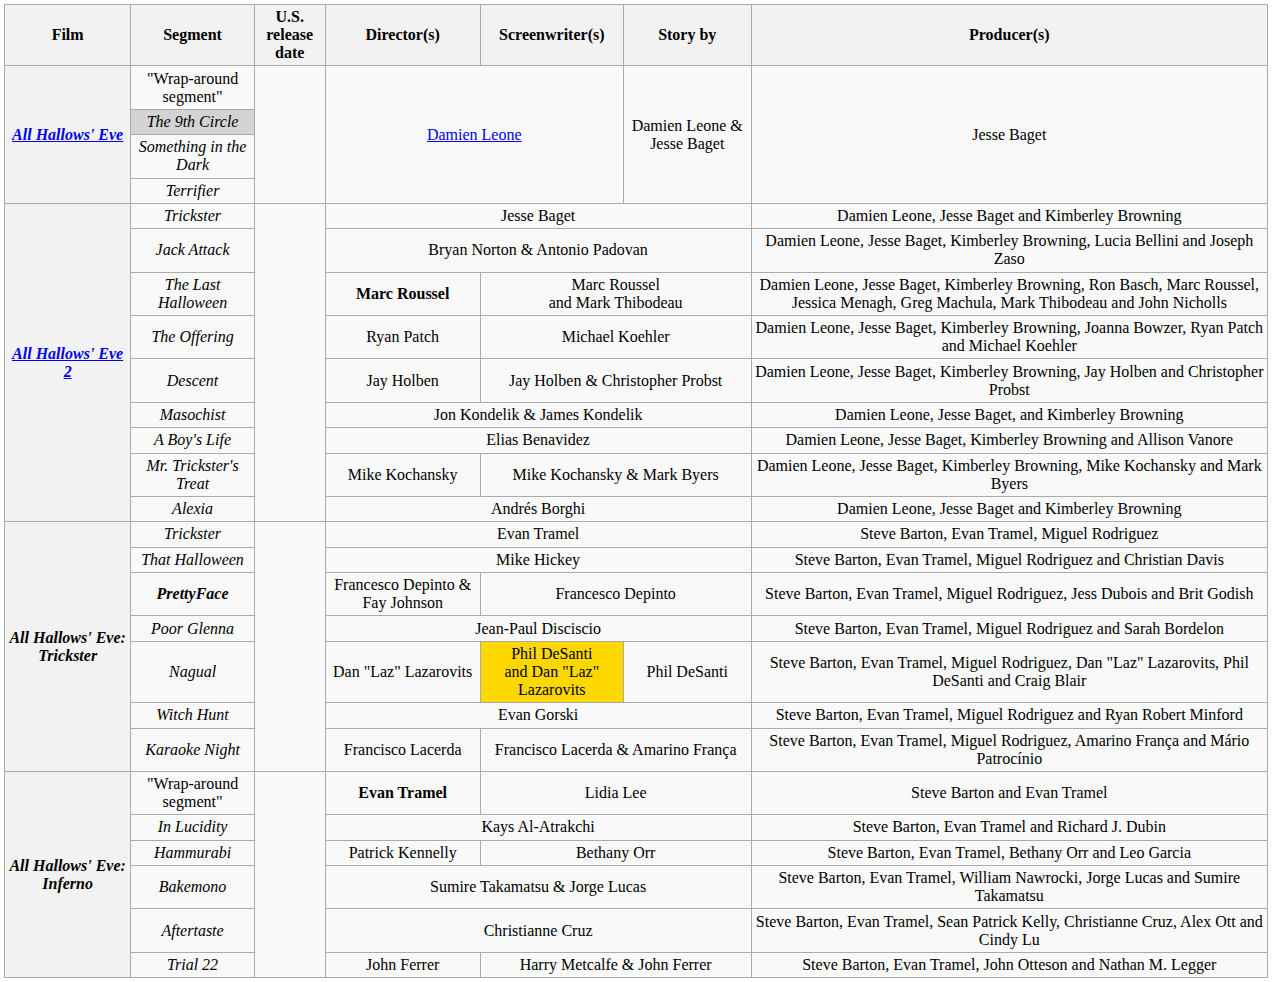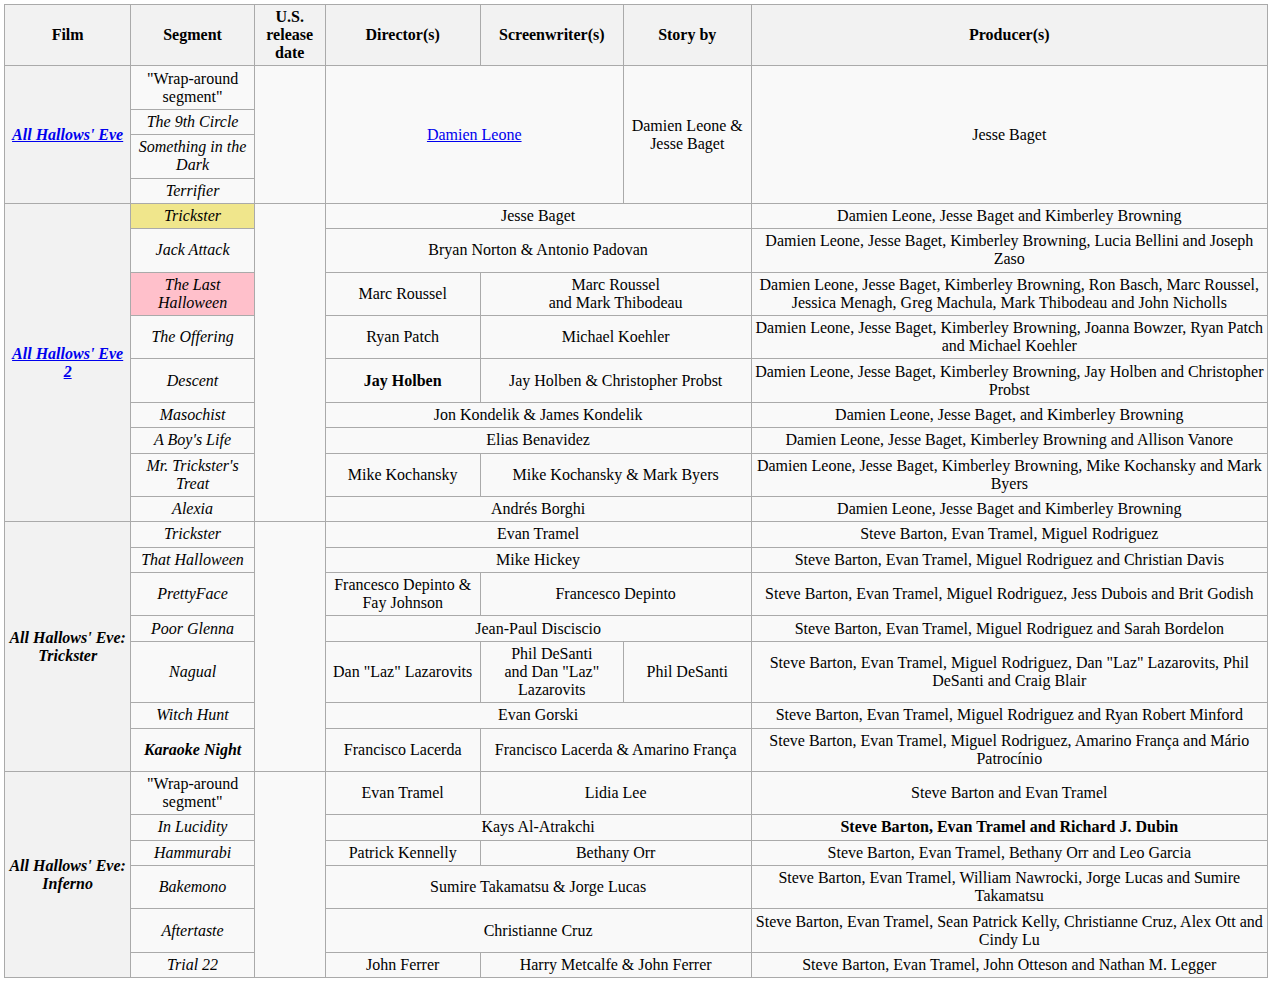 <table class="wikitable plainrowheaders" style="text-align:center" width=100%>
 <tr>
 <th scope="col" style="width:10%;">Film</th>
 <th scope="col">Segment</th>
 <th scope="col">U.S. <br>release date</th>
 <th scope="col">Director(s)</th>
 <th scope="col">Screenwriter(s)</th>
 <th scope="col">Story by</th>
 <th scope="col">Producer(s)</th>
 </tr>
 <tr>
 <th scope="row" rowspan="4"><em><a href='#'>All Hallows' Eve</a></em></th>
 <td>"Wrap-around segment"</td>
 <td style="text-align:center" rowspan="4"></td>
 <td colspan="2" rowspan="4"><a href='#'>Damien Leone</a></td>
 <td rowspan="4">Damien Leone & Jesse Baget</td>
 <td rowspan="4">Jesse Baget</td>
 </tr>
 <tr>
-<td style="background: lightgrey;"><em>The 9th Circle</em></td>
+<td><em>The 9th Circle</em></td>
 </tr>
 <tr>
 <td><em>Something in the Dark</em></td>
 </tr>
 <tr>
 <td><em>Terrifier</em></td>
 </tr>
 <tr>
 <th scope="row" rowspan="9"><em><a href='#'>All Hallows' Eve 2</a></em></th>
-<td><em>Trickster</em> </td>
+<td style="background: khaki;"><em>Trickster</em> </td>
 <td style="text-align:center" rowspan="9"></td>
 <td colspan="3">Jesse Baget</td>
 <td>Damien Leone, Jesse Baget and Kimberley Browning</td>
 </tr>
 <tr>
 <td><em>Jack Attack</em></td>
 <td colspan="3">Bryan Norton & Antonio Padovan</td>
 <td>Damien Leone, Jesse Baget, Kimberley Browning, Lucia Bellini and Joseph Zaso</td>
 </tr>
 <tr>
-<td><em>The Last Halloween</em></td>
-<td><strong>Marc Roussel</strong></td>
+<td style="background: pink;"><em>The Last Halloween</em></td>
+<td>Marc Roussel</td>
 <td colspan="2">Marc Roussel <br>and Mark Thibodeau</td>
 <td>Damien Leone, Jesse Baget, Kimberley Browning, Ron Basch, Marc Roussel, Jessica Menagh, Greg Machula, Mark Thibodeau and John Nicholls</td>
 </tr>
 <tr>
 <td><em>The Offering</em></td>
 <td>Ryan Patch</td>
 <td colspan="2">Michael Koehler</td>
 <td>Damien Leone, Jesse Baget, Kimberley Browning, Joanna Bowzer, Ryan Patch and Michael Koehler</td>
 </tr>
 <tr>
 <td><em>Descent</em></td>
-<td>Jay Holben</td>
+<td><strong>Jay Holben</strong></td>
 <td colspan="2">Jay Holben & Christopher Probst</td>
 <td>Damien Leone, Jesse Baget, Kimberley Browning, Jay Holben and Christopher Probst</td>
 </tr>
 <tr>
 <td><em>Masochist</em></td>
 <td colspan="3">Jon Kondelik & James Kondelik</td>
 <td>Damien Leone, Jesse Baget, and Kimberley Browning</td>
 </tr>
 <tr>
 <td><em>A Boy's Life</em></td>
 <td colspan="3">Elias Benavidez</td>
 <td>Damien Leone, Jesse Baget, Kimberley Browning and Allison Vanore</td>
 </tr>
 <tr>
 <td><em>Mr. Trickster's Treat</em></td>
 <td>Mike Kochansky</td>
 <td colspan="2">Mike Kochansky & Mark Byers</td>
 <td>Damien Leone, Jesse Baget, Kimberley Browning, Mike Kochansky and Mark Byers</td>
 </tr>
 <tr>
 <td><em>Alexia</em></td>
 <td colspan="3">Andrés Borghi</td>
 <td>Damien Leone, Jesse Baget and Kimberley Browning</td>
 </tr>
 <tr>
 <th scope="row" rowspan="7"><em>All Hallows' Eve: Trickster</em></th>
 <td><em>Trickster</em> </td>
 <td style="text-align:center" rowspan="7"></td>
 <td colspan="3">Evan Tramel</td>
 <td>Steve Barton, Evan Tramel, Miguel Rodriguez</td>
 </tr>
 <tr>
 <td><em>That Halloween</em></td>
 <td colspan="3">Mike Hickey</td>
 <td>Steve Barton, Evan Tramel, Miguel Rodriguez and Christian Davis</td>
 </tr>
 <tr>
-<td><strong><em>PrettyFace</em></strong></td>
+<td><em>PrettyFace</em></td>
 <td>Francesco Depinto & Fay Johnson</td>
 <td colspan="2">Francesco Depinto</td>
 <td>Steve Barton, Evan Tramel, Miguel Rodriguez, Jess Dubois and Brit Godish</td>
 </tr>
 <tr>
 <td><em>Poor Glenna</em></td>
 <td colspan="3">Jean-Paul Disciscio</td>
 <td>Steve Barton, Evan Tramel, Miguel Rodriguez and Sarah Bordelon</td>
 </tr>
 <tr>
 <td><em>Nagual</em></td>
 <td>Dan "Laz" Lazarovits</td>
-<td style="background: gold;">Phil DeSanti <br>and Dan "Laz" Lazarovits</td>
+<td>Phil DeSanti <br>and Dan "Laz" Lazarovits</td>
 <td>Phil DeSanti</td>
 <td>Steve Barton, Evan Tramel, Miguel Rodriguez, Dan "Laz" Lazarovits, Phil DeSanti and Craig Blair</td>
 </tr>
 <tr>
 <td><em>Witch Hunt</em></td>
 <td colspan="3">Evan Gorski</td>
 <td>Steve Barton, Evan Tramel, Miguel Rodriguez and Ryan Robert Minford</td>
 </tr>
 <tr>
-<td><em>Karaoke Night</em></td>
+<td><strong><em>Karaoke Night</em></strong></td>
 <td>Francisco Lacerda</td>
 <td colspan="2">Francisco Lacerda & Amarino França</td>
 <td>Steve Barton, Evan Tramel, Miguel Rodriguez, Amarino França and Mário Patrocínio</td>
 </tr>
 <tr>
 <th scope="row" rowspan="6"><em>All Hallows' Eve: Inferno</em></th>
 <td>"Wrap-around segment"</td>
 <td style="text-align:center" rowspan="6"></td>
-<td><strong>Evan Tramel</strong></td>
+<td>Evan Tramel</td>
 <td colspan="2">Lidia Lee</td>
 <td>Steve Barton and Evan Tramel</td>
 </tr>
 <tr>
 <td><em>In Lucidity</em></td>
 <td colspan="3">Kays Al-Atrakchi</td>
-<td>Steve Barton, Evan Tramel and Richard J. Dubin</td>
+<td><strong>Steve Barton, Evan Tramel and Richard J. Dubin</strong></td>
 </tr>
 <tr>
 <td><em>Hammurabi</em></td>
 <td>Patrick Kennelly</td>
 <td colspan="2">Bethany Orr</td>
 <td>Steve Barton, Evan Tramel, Bethany Orr and Leo Garcia</td>
 </tr>
 <tr>
 <td><em>Bakemono</em></td>
 <td colspan="3">Sumire Takamatsu & Jorge Lucas</td>
 <td>Steve Barton, Evan Tramel, William Nawrocki, Jorge Lucas and Sumire Takamatsu</td>
 </tr>
 <tr>
 <td><em>Aftertaste</em></td>
 <td colspan="3">Christianne Cruz</td>
 <td>Steve Barton, Evan Tramel, Sean Patrick Kelly, Christianne Cruz, Alex Ott and Cindy Lu</td>
 </tr>
 <tr>
 <td><em>Trial 22</em></td>
 <td>John Ferrer</td>
 <td colspan="2">Harry Metcalfe & John Ferrer</td>
 <td>Steve Barton, Evan Tramel, John Otteson and Nathan M. Legger</td>
 </tr>
 </table>
